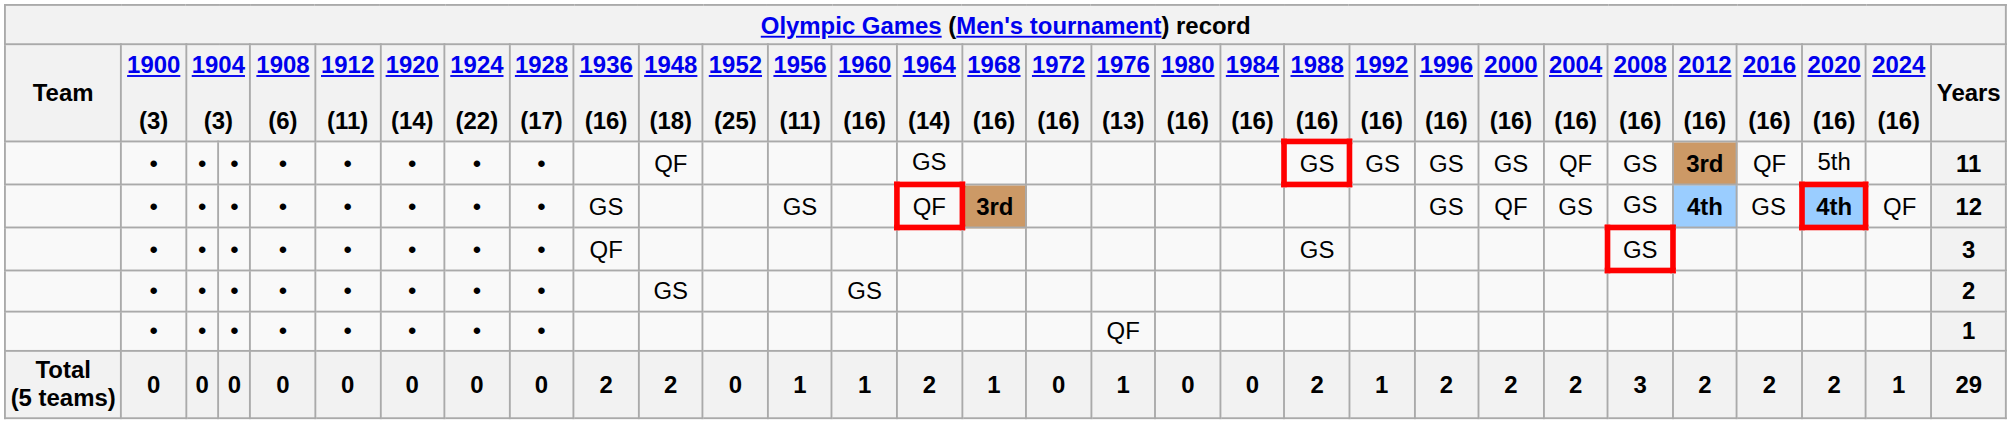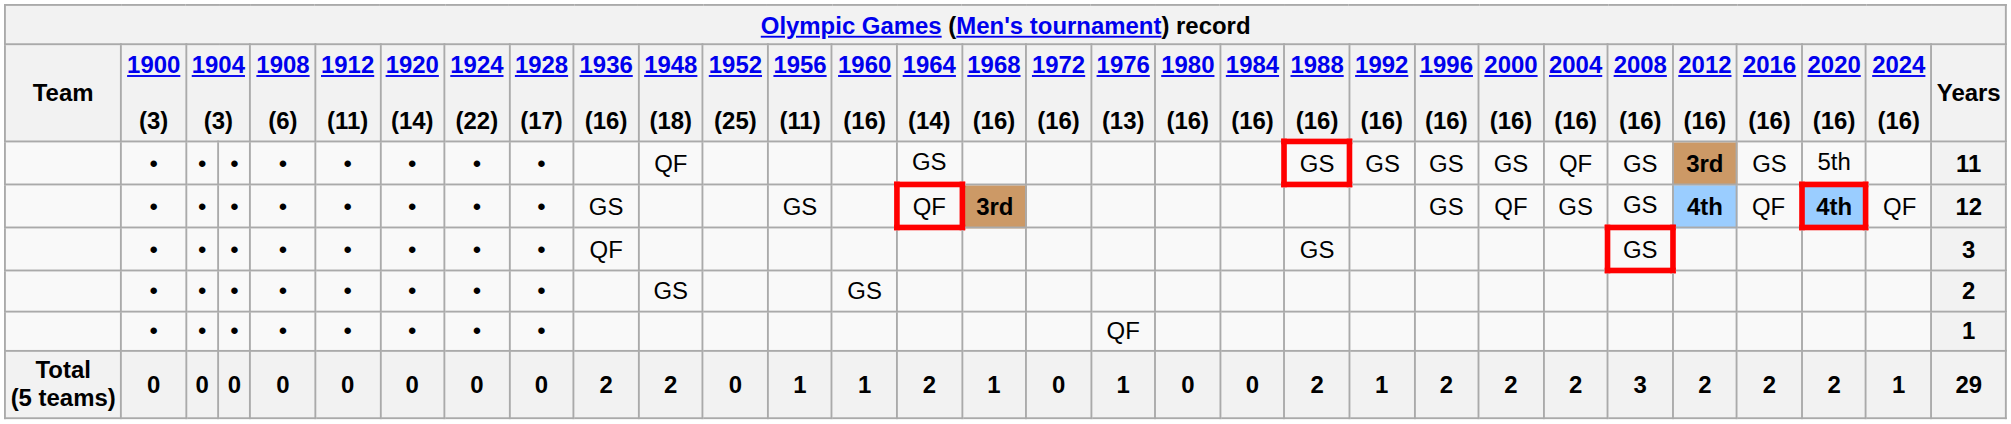 <table class="wikitable" style="text-align:center; font-size:80%;">
 <tr>
 <th colspan=31><a href='#'>Olympic Games</a> (<a href='#'>Men's tournament</a>) record</th>
 </tr>
 <tr>
 <th>Team</th>
 <th><a href='#'>1900</a><br><br>(3)</th>
 <th colspan="2"><a href='#'>1904</a><br><br>(3)</th>
 <th><a href='#'>1908</a><br><br>(6)</th>
 <th><a href='#'>1912</a><br><br>(11)</th>
 <th><a href='#'>1920</a><br><br>(14)</th>
 <th><a href='#'>1924</a><br><br>(22)</th>
 <th><a href='#'>1928</a><br><br>(17)</th>
 <th><a href='#'>1936</a><br><br>(16)</th>
 <th><a href='#'>1948</a><br><br>(18)</th>
 <th><a href='#'>1952</a><br><br>(25)</th>
 <th><a href='#'>1956</a><br><br>(11)</th>
 <th><a href='#'>1960</a><br><br>(16)</th>
 <th><a href='#'>1964</a><br><br>(14)</th>
 <th><a href='#'>1968</a><br><br>(16)</th>
 <th><a href='#'>1972</a><br><br>(16)</th>
 <th><a href='#'>1976</a><br><br>(13)</th>
 <th><a href='#'>1980</a><br><br>(16)</th>
 <th><a href='#'>1984</a><br><br>(16)</th>
 <th><a href='#'>1988</a><br><br>(16)</th>
 <th><a href='#'>1992</a><br><br>(16)</th>
 <th><a href='#'>1996</a><br><br>(16)</th>
 <th><a href='#'>2000</a><br><br>(16)</th>
 <th><a href='#'>2004</a><br><br>(16)</th>
 <th><a href='#'>2008</a><br><br>(16)</th>
 <th><a href='#'>2012</a><br><br>(16)</th>
 <th><a href='#'>2016</a><br><br>(16)</th>
 <th><a href='#'>2020</a><br><br>(16)</th>
 <th><a href='#'>2024</a><br><br>(16)</th>
 <th>Years</th>
 </tr>
 <tr>
 <td align=left></td>
 <td>•</td>
 <td>•</td>
 <td>•</td>
 <td>•</td>
 <td>•</td>
 <td>•</td>
 <td>•</td>
 <td>•</td>
 <td></td>
 <td>QF</td>
 <td></td>
 <td></td>
 <td></td>
 <td>GS</td>
 <td></td>
 <td></td>
 <td></td>
 <td></td>
 <td></td>
 <td style="border:3px solid red">GS</td>
 <td>GS</td>
 <td>GS</td>
 <td>GS</td>
 <td>QF</td>
 <td>GS</td>
 <td bgcolor=#cc9966><strong>3rd</strong></td>
-<td>QF</td>
+<td>GS</td>
 <td>5th</td>
 <td></td>
 <th>11</th>
 </tr>
 <tr>
 <td align=left></td>
 <td>•</td>
 <td>•</td>
 <td>•</td>
 <td>•</td>
 <td>•</td>
 <td>•</td>
 <td>•</td>
 <td>•</td>
 <td>GS</td>
 <td></td>
 <td></td>
 <td>GS</td>
 <td></td>
 <td style="border:3px solid red">QF</td>
 <td bgcolor=#cc9966><strong>3rd</strong></td>
 <td></td>
 <td></td>
 <td></td>
 <td></td>
 <td></td>
 <td></td>
 <td>GS</td>
 <td>QF</td>
 <td>GS</td>
 <td>GS</td>
 <td bgcolor=#9acdff><strong>4th</strong></td>
-<td>GS</td>
+<td>QF</td>
 <td style="border:3px solid red; background:#9acdff;"><strong>4th</strong></td>
 <td>QF</td>
 <th>12</th>
 </tr>
 <tr>
 <td align=left></td>
 <td>•</td>
 <td>•</td>
 <td>•</td>
 <td>•</td>
 <td>•</td>
 <td>•</td>
 <td>•</td>
 <td>•</td>
 <td>QF</td>
 <td></td>
 <td></td>
 <td></td>
 <td></td>
 <td></td>
 <td></td>
 <td></td>
 <td></td>
 <td></td>
 <td></td>
 <td>GS</td>
 <td></td>
 <td></td>
 <td></td>
 <td></td>
 <td style="border:3px solid red">GS</td>
 <td></td>
 <td></td>
 <td></td>
 <td></td>
 <th>3</th>
 </tr>
 <tr>
 <td align=left></td>
 <td>•</td>
 <td>•</td>
 <td>•</td>
 <td>•</td>
 <td>•</td>
 <td>•</td>
 <td>•</td>
 <td>•</td>
 <td></td>
 <td>GS</td>
 <td></td>
 <td></td>
 <td>GS</td>
 <td></td>
 <td></td>
 <td></td>
 <td></td>
 <td></td>
 <td></td>
 <td></td>
 <td></td>
 <td></td>
 <td></td>
 <td></td>
 <td></td>
 <td></td>
 <td></td>
 <td></td>
 <td></td>
 <th>2</th>
 </tr>
 <tr>
 <td align=left></td>
 <td>•</td>
 <td>•</td>
 <td>•</td>
 <td>•</td>
 <td>•</td>
 <td>•</td>
 <td>•</td>
 <td>•</td>
 <td></td>
 <td></td>
 <td></td>
 <td></td>
 <td></td>
 <td></td>
 <td></td>
 <td></td>
 <td>QF</td>
 <td></td>
 <td></td>
 <td></td>
 <td></td>
 <td></td>
 <td></td>
 <td></td>
 <td></td>
 <td></td>
 <td></td>
 <td></td>
 <td></td>
 <th>1</th>
 </tr>
 <tr>
 <th align=left><strong>Total<br>(5 teams)</strong></th>
 <th><strong>0</strong></th>
 <th><strong>0</strong></th>
 <th><strong>0</strong></th>
 <th><strong>0</strong></th>
 <th><strong>0</strong></th>
 <th><strong>0</strong></th>
 <th><strong>0</strong></th>
 <th><strong>0</strong></th>
 <th><strong>2</strong></th>
 <th><strong>2</strong></th>
 <th><strong>0</strong></th>
 <th><strong>1</strong></th>
 <th><strong>1</strong></th>
 <th><strong>2</strong></th>
 <th><strong>1</strong></th>
 <th><strong>0</strong></th>
 <th><strong>1</strong></th>
 <th><strong>0</strong></th>
 <th><strong>0</strong></th>
 <th><strong>2</strong></th>
 <th><strong>1</strong></th>
 <th><strong>2</strong></th>
 <th><strong>2</strong></th>
 <th><strong>2</strong></th>
 <th><strong>3</strong></th>
 <th><strong>2</strong></th>
 <th><strong>2</strong></th>
 <th><strong>2</strong></th>
 <th><strong>1</strong></th>
 <th><strong>29</strong></th>
 </tr>
 </table>
